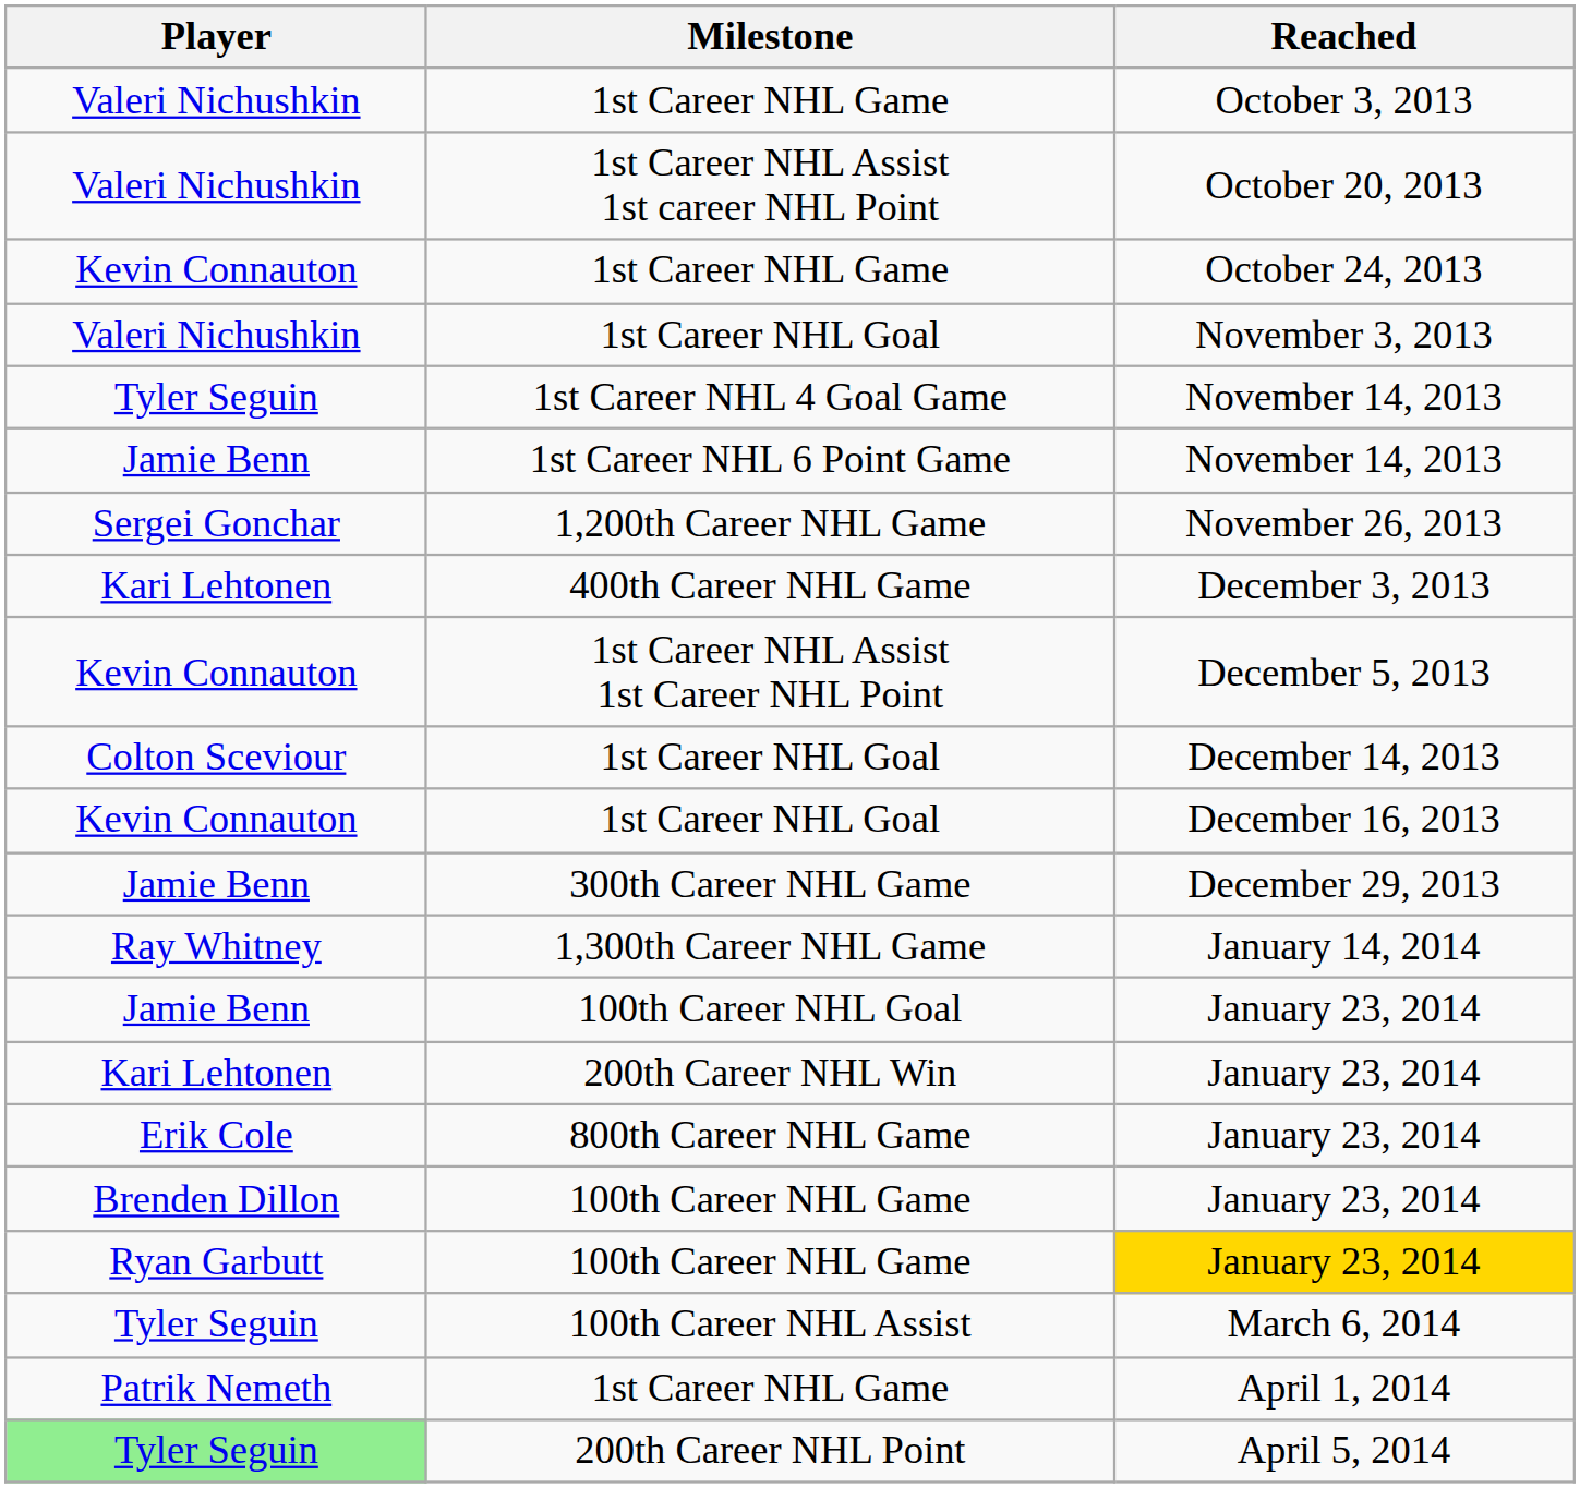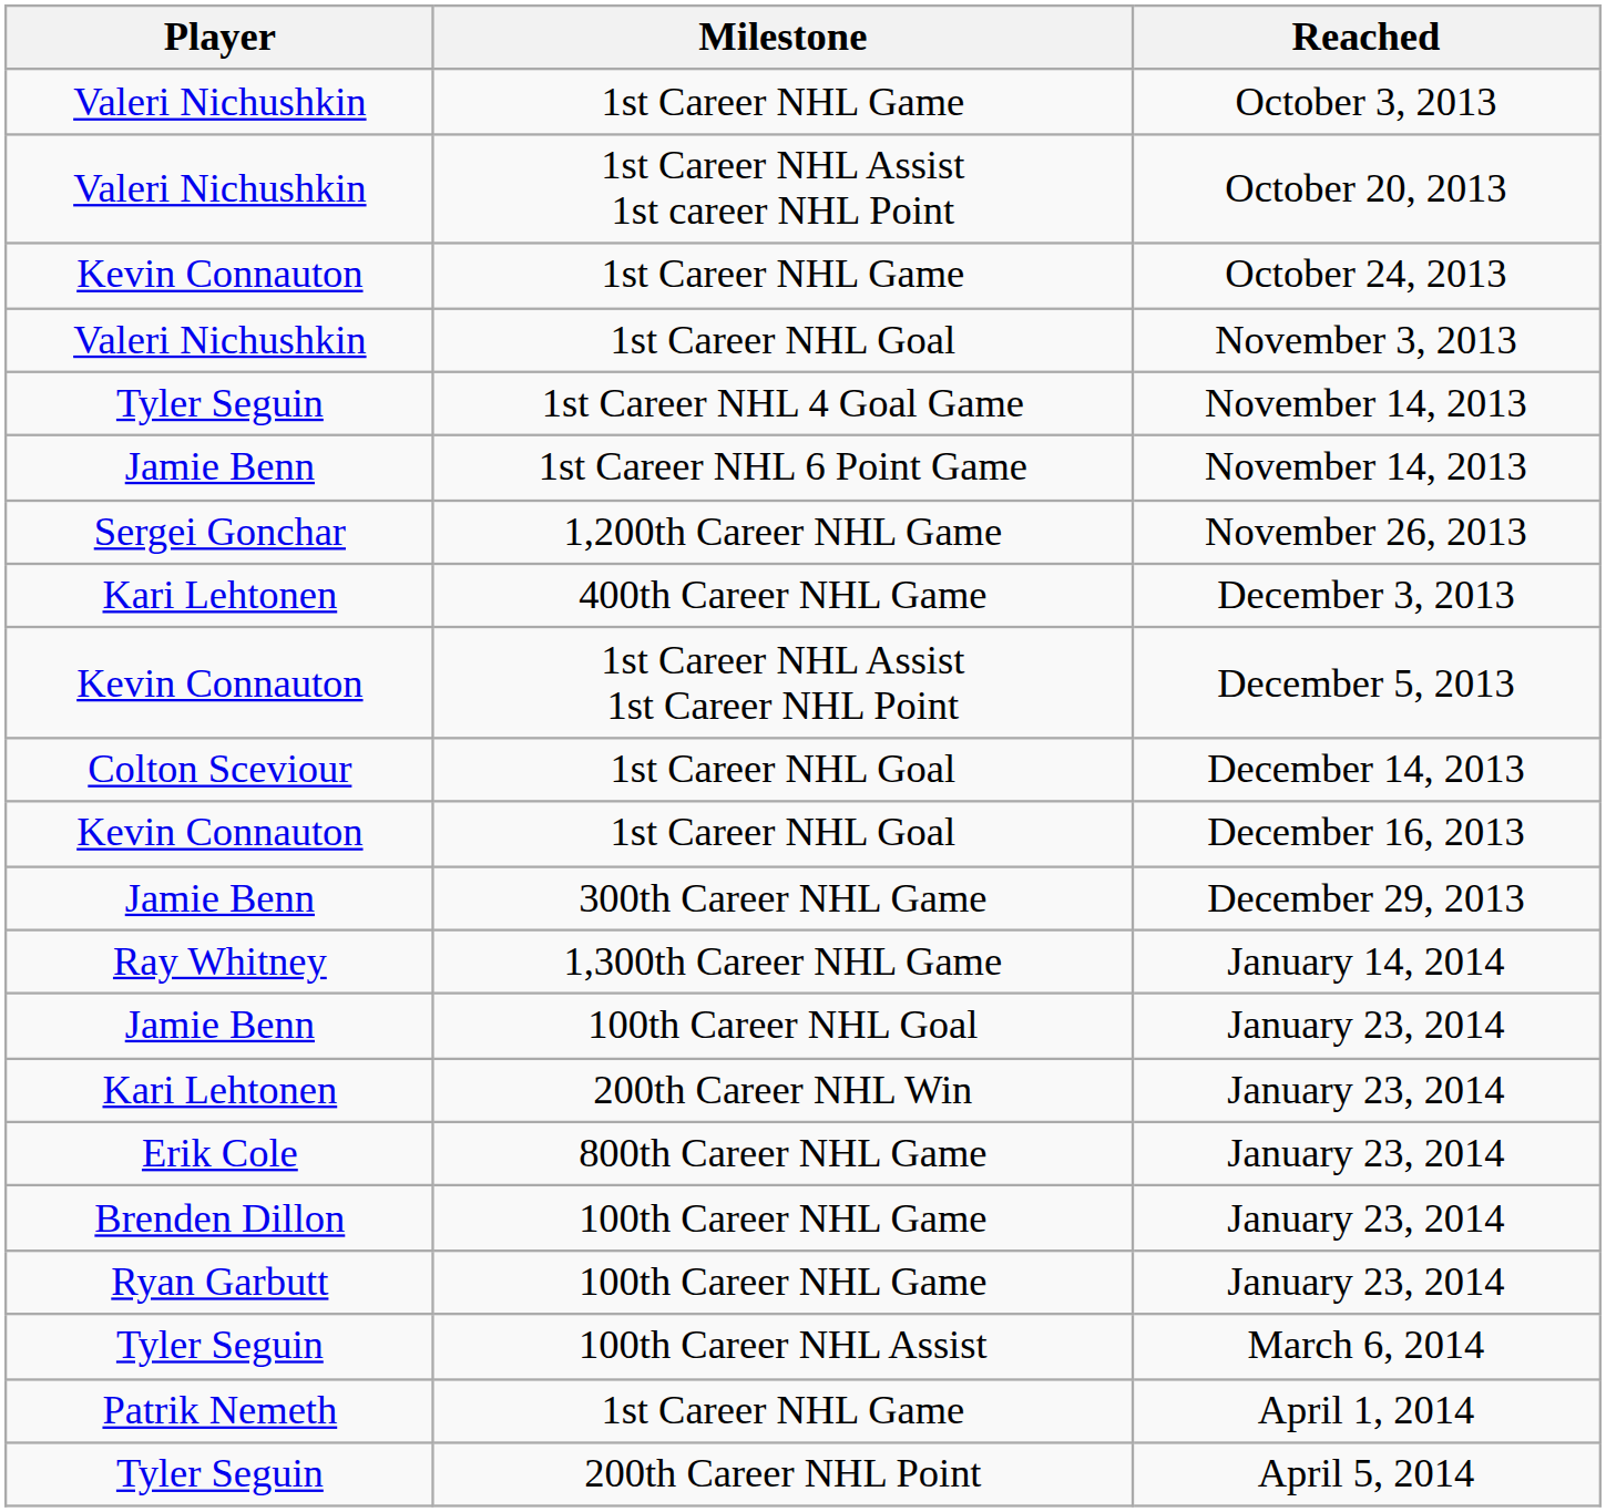 <table class="wikitable" width="50%" style="text-align:center">
 <tr>
 <th>Player</th>
 <th>Milestone</th>
 <th>Reached</th>
 </tr>
 <tr>
 <td><a href='#'>Valeri Nichushkin</a></td>
 <td>1st Career NHL Game</td>
 <td>October 3, 2013</td>
 </tr>
 <tr>
 <td><a href='#'>Valeri Nichushkin</a></td>
 <td>1st Career NHL Assist<br>1st career NHL Point</td>
 <td>October 20, 2013</td>
 </tr>
 <tr>
 <td><a href='#'>Kevin Connauton</a></td>
 <td>1st Career NHL Game</td>
 <td>October 24, 2013</td>
 </tr>
 <tr>
 <td><a href='#'>Valeri Nichushkin</a></td>
 <td>1st Career NHL Goal</td>
 <td>November 3, 2013</td>
 </tr>
 <tr>
 <td><a href='#'>Tyler Seguin</a></td>
 <td>1st Career NHL 4 Goal Game</td>
 <td>November 14, 2013</td>
 </tr>
 <tr>
 <td><a href='#'>Jamie Benn</a></td>
 <td>1st Career NHL 6 Point Game</td>
 <td>November 14, 2013</td>
 </tr>
 <tr>
 <td><a href='#'>Sergei Gonchar</a></td>
 <td>1,200th Career NHL Game</td>
 <td>November 26, 2013</td>
 </tr>
 <tr>
 <td><a href='#'>Kari Lehtonen</a></td>
 <td>400th Career NHL Game</td>
 <td>December 3, 2013</td>
 </tr>
 <tr>
 <td><a href='#'>Kevin Connauton</a></td>
 <td>1st Career NHL Assist<br>1st Career NHL Point</td>
 <td>December 5, 2013</td>
 </tr>
 <tr>
 <td><a href='#'>Colton Sceviour</a></td>
 <td>1st Career NHL Goal</td>
 <td>December 14, 2013</td>
 </tr>
 <tr>
 <td><a href='#'>Kevin Connauton</a></td>
 <td>1st Career NHL Goal</td>
 <td>December 16, 2013</td>
 </tr>
 <tr>
 <td><a href='#'>Jamie Benn</a></td>
 <td>300th Career NHL Game</td>
 <td>December 29, 2013</td>
 </tr>
 <tr>
 <td><a href='#'>Ray Whitney</a></td>
 <td>1,300th Career NHL Game</td>
 <td>January 14, 2014</td>
 </tr>
 <tr>
 <td><a href='#'>Jamie Benn</a></td>
 <td>100th Career NHL Goal</td>
 <td>January 23, 2014</td>
 </tr>
 <tr>
 <td><a href='#'>Kari Lehtonen</a></td>
 <td>200th Career NHL Win</td>
 <td>January 23, 2014</td>
 </tr>
 <tr>
 <td><a href='#'>Erik Cole</a></td>
 <td>800th Career NHL Game</td>
 <td>January 23, 2014</td>
 </tr>
 <tr>
 <td><a href='#'>Brenden Dillon</a></td>
 <td>100th Career NHL Game</td>
 <td>January 23, 2014</td>
 </tr>
 <tr>
 <td><a href='#'>Ryan Garbutt</a></td>
 <td>100th Career NHL Game</td>
-<td style="background: gold;">January 23, 2014</td>
+<td>January 23, 2014</td>
 </tr>
 <tr>
 <td><a href='#'>Tyler Seguin</a></td>
 <td>100th Career NHL Assist</td>
 <td>March 6, 2014</td>
 </tr>
 <tr>
 <td><a href='#'>Patrik Nemeth</a></td>
 <td>1st Career NHL Game</td>
 <td>April 1, 2014</td>
 </tr>
 <tr>
-<td style="background: lightgreen;"><a href='#'>Tyler Seguin</a></td>
+<td><a href='#'>Tyler Seguin</a></td>
 <td>200th Career NHL Point</td>
 <td>April 5, 2014</td>
 </tr>
 </table>
